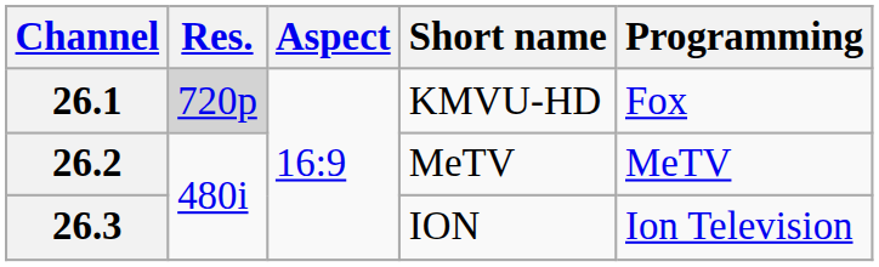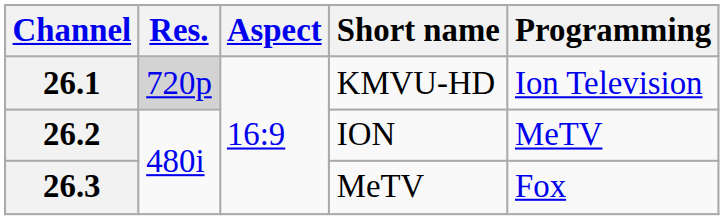 <table class="wikitable">
 <tr>
 <th scope = "col"><a href='#'>Channel</a></th>
 <th scope = "col"><a href='#'>Res.</a></th>
 <th scope = "col"><a href='#'>Aspect</a></th>
 <th scope = "col">Short name</th>
 <th scope = "col">Programming</th>
 </tr>
 <tr>
 <th scope = "row">26.1</th>
 <td style="background: lightgrey;"><a href='#'>720p</a></td>
 <td rowspan=3><a href='#'>16:9</a></td>
 <td>KMVU-HD</td>
-<td><a href='#'>Fox</a></td>
+<td><a href='#'>Ion Television</a></td>
 </tr>
 <tr>
 <th scope = "row">26.2</th>
 <td rowspan=2><a href='#'>480i</a></td>
-<td>MeTV</td>
+<td>ION</td>
 <td><a href='#'>MeTV</a></td>
 </tr>
 <tr>
 <th scope = "row">26.3</th>
-<td>ION</td>
-<td><a href='#'>Ion Television</a></td>
+<td>MeTV</td>
+<td><a href='#'>Fox</a></td>
 </tr>
 </table>
